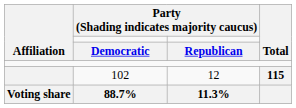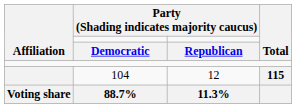 <table class=wikitable style="text-align:center">
 <tr style="vertical-align:bottom;">
 <th rowspan=3>Affiliation</th>
 <th colspan=2>Party <div>(Shading indicates majority caucus)</div></th>
 <th rowspan=3>Total</th>
 </tr>
 <tr style="height:5px">
 <td style="background-color:"></td>
 <td style="background-color:"></td>
 </tr>
 <tr>
 <th><a href='#'>Democratic</a></th>
 <th><a href='#'>Republican</a></th>
 </tr>
 <tr>
 <td colspan=5></td>
 </tr>
 <tr>
 <th nowrap style="font-size:80%"></th>
-<td>102</td>
+<td>104</td>
 <td>12</td>
 <th>115</th>
 </tr>
 <tr>
 <th>Voting share</th>
 <th>88.7%</th>
 <th>11.3%</th>
 <th colspan=2></th>
 </tr>
 </table>
